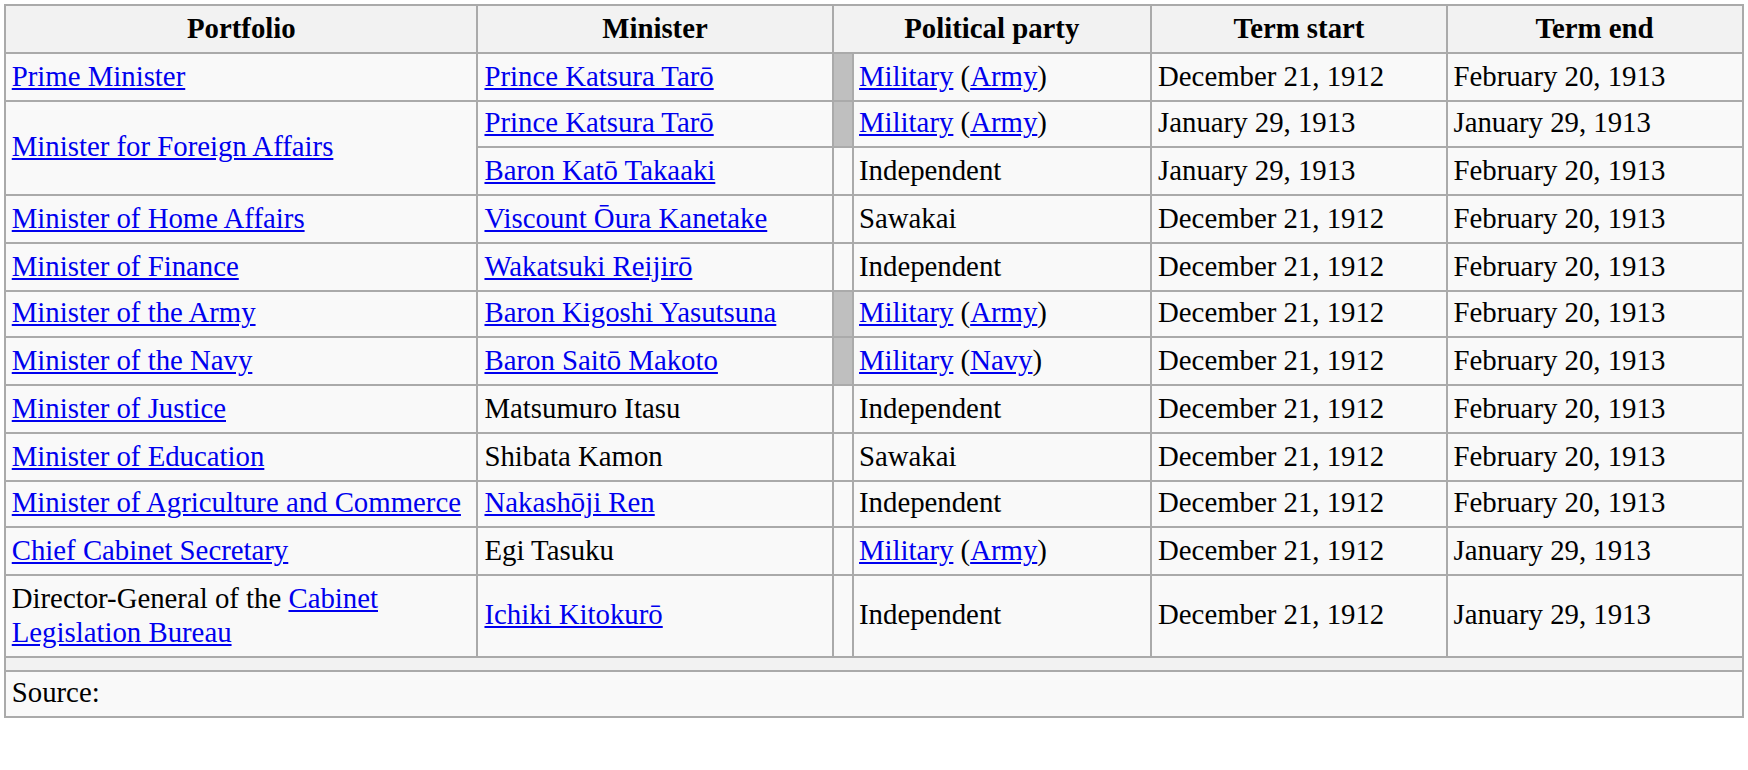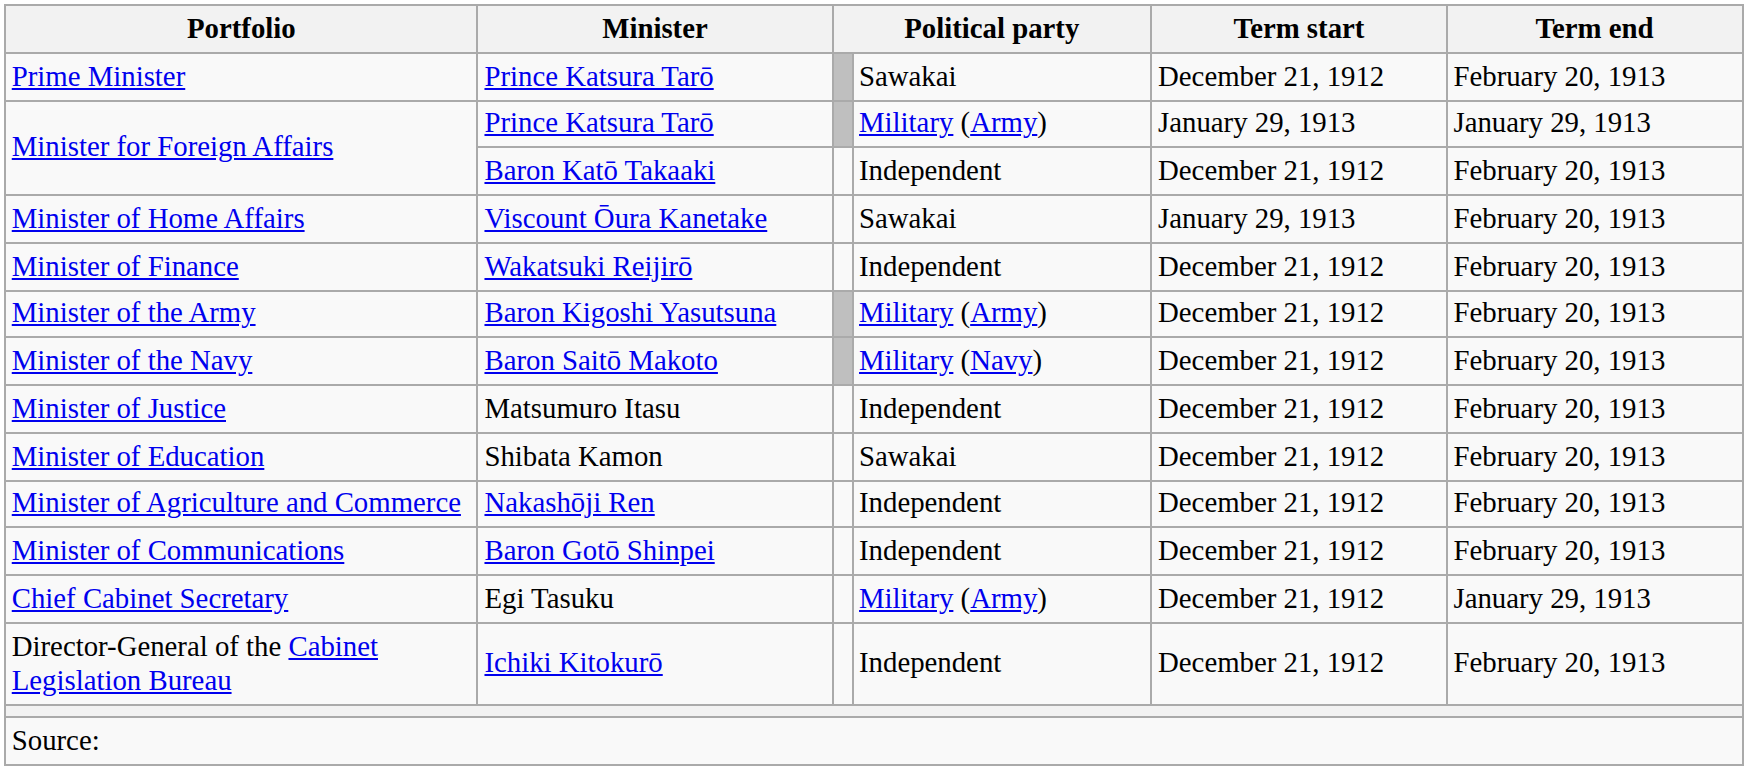 <table class="wikitable unsortable" style="font-size: 90%;">
 <tr>
 <th scope="col" width="20%">Portfolio</th>
 <th scope="col" width="15%">Minister</th>
 <th colspan="2" scope="col" width="13.5%">Political party</th>
 <th scope="col" width="12.5%">Term start</th>
 <th scope="col" width="12.5%">Term end</th>
 </tr>
 <tr>
 <td style="text-align: left;"><a href='#'>Prime Minister</a></td>
 <td><a href='#'>Prince Katsura Tarō</a></td>
 <td style="color:inherit;background:#bfbfbf"></td>
-<td><a href='#'>Military</a> (<a href='#'>Army</a>)</td>
+<td>Sawakai</td>
 <td>December 21, 1912</td>
 <td>February 20, 1913</td>
 </tr>
 <tr>
 <td rowspan="2"><a href='#'>Minister for Foreign Affairs</a></td>
 <td><a href='#'>Prince Katsura Tarō</a></td>
 <td style="color:inherit;background:#bfbfbf"></td>
 <td><a href='#'>Military</a> (<a href='#'>Army</a>)</td>
 <td>January 29, 1913</td>
 <td>January 29, 1913</td>
 </tr>
 <tr>
 <td><a href='#'>Baron Katō Takaaki</a></td>
 <td style="color:inherit;background:"></td>
 <td>Independent</td>
-<td>January 29, 1913</td>
+<td>December 21, 1912</td>
 <td>February 20, 1913</td>
 </tr>
 <tr>
 <td><a href='#'>Minister of Home Affairs</a></td>
 <td><a href='#'>Viscount Ōura Kanetake</a></td>
 <td></td>
 <td>Sawakai</td>
-<td>December 21, 1912</td>
+<td>January 29, 1913</td>
 <td>February 20, 1913</td>
 </tr>
 <tr>
 <td><a href='#'>Minister of Finance</a></td>
 <td><a href='#'>Wakatsuki Reijirō</a></td>
 <td style="color:inherit;background:"></td>
 <td>Independent</td>
 <td>December 21, 1912</td>
 <td>February 20, 1913</td>
 </tr>
 <tr>
 <td><a href='#'>Minister of the Army</a></td>
 <td><a href='#'>Baron Kigoshi Yasutsuna</a></td>
 <td style="color:inherit;background:#bfbfbf"></td>
 <td><a href='#'>Military</a> (<a href='#'>Army</a>)</td>
 <td>December 21, 1912</td>
 <td>February 20, 1913</td>
 </tr>
 <tr>
 <td><a href='#'>Minister of the Navy</a></td>
 <td><a href='#'>Baron Saitō Makoto</a></td>
 <td style="color:inherit;background:#bfbfbf"></td>
 <td><a href='#'>Military</a> (<a href='#'>Navy</a>)</td>
 <td>December 21, 1912</td>
 <td>February 20, 1913</td>
 </tr>
 <tr>
 <td><a href='#'>Minister of Justice</a></td>
 <td>Matsumuro Itasu</td>
 <td style="color:inherit;background:"></td>
 <td>Independent</td>
 <td>December 21, 1912</td>
 <td>February 20, 1913</td>
 </tr>
 <tr>
 <td><a href='#'>Minister of Education</a></td>
 <td>Shibata Kamon</td>
 <td></td>
 <td>Sawakai</td>
 <td>December 21, 1912</td>
 <td>February 20, 1913</td>
 </tr>
 <tr>
 <td><a href='#'>Minister of Agriculture and Commerce</a></td>
 <td><a href='#'>Nakashōji Ren</a></td>
 <td style="color:inherit;background:"></td>
 <td>Independent</td>
 <td>December 21, 1912</td>
 <td>February 20, 1913</td>
 </tr>
 <tr>
+<td><a href='#'>Minister of Communications</a></td>
+<td><a href='#'>Baron Gotō Shinpei</a></td>
+<td style="color:inherit;background:"></td>
+<td>Independent</td>
+<td>December 21, 1912</td>
+<td>February 20, 1913</td>
+</tr>
+<tr>
 <td><a href='#'>Chief Cabinet Secretary</a></td>
 <td>Egi Tasuku</td>
 <td style="color:inherit;background:"></td>
 <td><a href='#'>Military</a> (<a href='#'>Army</a>)</td>
 <td>December 21, 1912</td>
 <td>January 29, 1913</td>
 </tr>
 <tr>
 <td>Director-General of the <a href='#'>Cabinet Legislation Bureau</a></td>
 <td><a href='#'>Ichiki Kitokurō</a></td>
 <td style="color:inherit;background:"></td>
 <td>Independent</td>
 <td>December 21, 1912</td>
-<td>January 29, 1913</td>
+<td>February 20, 1913</td>
 </tr>
 <tr>
 <th colspan="6"></th>
 </tr>
 <tr>
 <td colspan="6">Source:</td>
 </tr>
 </table>
